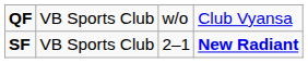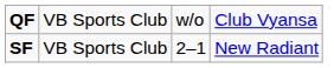 <table class="wikitable" style="font-size:95%">
 <tr>
 <td><strong>QF</strong></td>
 <td align=right>VB Sports Club</td>
 <td>w/o</td>
 <td><a href='#'>Club Vyansa</a></td>
 </tr>
 <tr>
 <td><strong>SF</strong></td>
 <td align=right>VB Sports Club</td>
 <td>2–1</td>
-<td><strong><a href='#'>New Radiant</a></strong></td>
+<td><a href='#'>New Radiant</a></td>
 </tr>
 </table>
